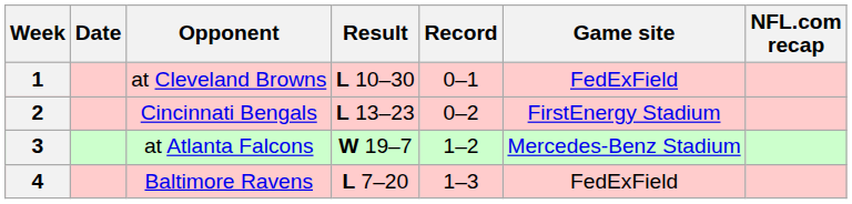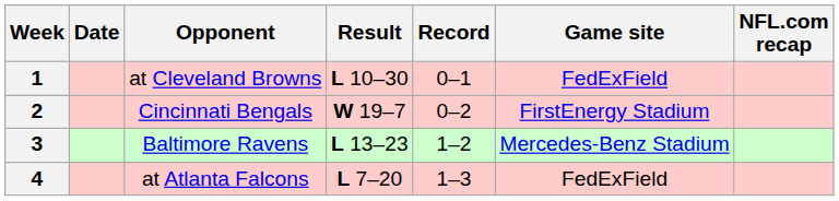 <table class="wikitable" style="text-align:center">
 <tr>
 <th>Week</th>
 <th>Date</th>
 <th>Opponent</th>
 <th>Result</th>
 <th>Record</th>
 <th>Game site</th>
 <th>NFL.com<br>recap</th>
 </tr>
 <tr style="background:#fcc">
 <th>1</th>
 <td></td>
 <td>at <a href='#'>Cleveland Browns</a></td>
 <td><strong>L</strong> 10–30</td>
 <td>0–1</td>
 <td><a href='#'>FedExField</a></td>
 <td></td>
 </tr>
 <tr style="background:#fcc">
 <th>2</th>
 <td></td>
 <td><a href='#'>Cincinnati Bengals</a></td>
-<td><strong>L</strong> 13–23</td>
+<td><strong>W</strong> 19–7</td>
 <td>0–2</td>
 <td><a href='#'>FirstEnergy Stadium</a></td>
 <td></td>
 </tr>
 <tr style="background:#cfc">
 <th>3</th>
 <td></td>
-<td>at <a href='#'>Atlanta Falcons</a></td>
-<td><strong>W</strong> 19–7</td>
+<td><a href='#'>Baltimore Ravens</a></td>
+<td><strong>L</strong> 13–23</td>
 <td>1–2</td>
 <td><a href='#'>Mercedes-Benz Stadium</a></td>
 <td></td>
 </tr>
 <tr style="background:#fcc">
 <th>4</th>
 <td></td>
-<td><a href='#'>Baltimore Ravens</a></td>
+<td>at <a href='#'>Atlanta Falcons</a></td>
 <td><strong>L</strong> 7–20</td>
 <td>1–3</td>
 <td>FedExField</td>
 <td></td>
 </tr>
 </table>
